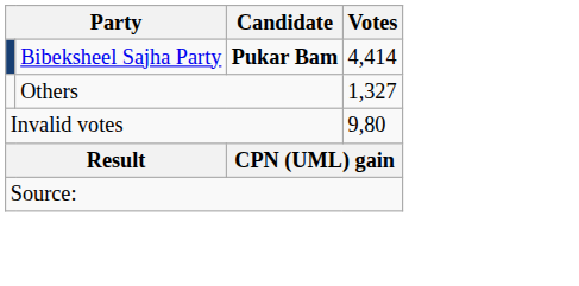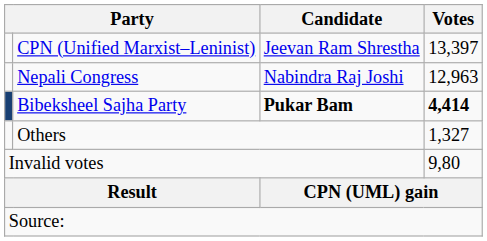 <table class="wikitable">
 <tr>
 <th colspan="2">Party</th>
 <th>Candidate</th>
 <th>Votes</th>
 </tr>
 <tr>
+<td style="background-color:"></td>
+<td><a href='#'>CPN (Unified Marxist–Leninist)</a></td>
+<td><a href='#'>Jeevan Ram Shrestha</a></td>
+<td>13,397</td>
+</tr>
+<tr>
+<td style="background-color:"></td>
+<td><a href='#'>Nepali Congress</a></td>
+<td><a href='#'>Nabindra Raj Joshi</a></td>
+<td>12,963</td>
+</tr>
+<tr>
 <td style="background-color:#183F73"></td>
 <td><a href='#'>Bibeksheel Sajha Party</a></td>
 <td><strong>Pukar Bam</strong></td>
-<td>4,414</td>
+<td><strong>4,414</strong></td>
 </tr>
 <tr>
 <td></td>
 <td colspan="2">Others</td>
 <td>1,327</td>
 </tr>
 <tr>
 <td colspan="3">Invalid votes</td>
 <td>9,80</td>
 </tr>
 <tr>
 <th colspan="2">Result</th>
 <th colspan="2">CPN (UML) gain</th>
 </tr>
 <tr>
 <td colspan="4">Source: </td>
 </tr>
 </table>
